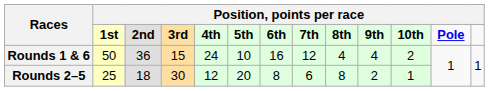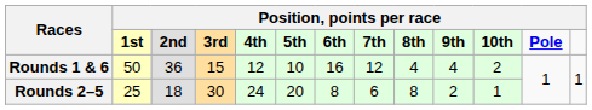 <table class="wikitable" style="font-size: 85%; text-align:center">
 <tr>
 <th rowspan=2>Races</th>
 <th colspan=12>Position, points per race</th>
 </tr>
 <tr>
 <td style="background:#FFFFBF"> <strong>1st</strong> </td>
 <td style="background:#DFDFDF"> <strong>2nd</strong> </td>
 <td style="background:#FFDF9F"> <strong>3rd</strong> </td>
 <td style="background:#DFFFDF"> <strong>4th</strong> </td>
 <td style="background:#DFFFDF"> <strong>5th</strong> </td>
 <td style="background:#DFFFDF"> <strong>6th</strong> </td>
 <td style="background:#DFFFDF"> <strong>7th</strong> </td>
 <td style="background:#DFFFDF"> <strong>8th</strong> </td>
 <td style="background:#DFFFDF"> <strong>9th</strong> </td>
 <td style="background:#DFFFDF"> <strong>10th</strong> </td>
 <td> <strong><a href='#'>Pole</a></strong> </td>
 <td> <strong></strong> </td>
 </tr>
 <tr>
 <th>Rounds 1 & 6</th>
 <td style="background:#FFFFBF">50</td>
 <td style="background:#DFDFDF">36</td>
 <td style="background:#FFDF9F">15</td>
-<td style="background:#DFFFDF">24</td>
+<td style="background:#DFFFDF">12</td>
 <td style="background:#DFFFDF">10</td>
 <td style="background:#DFFFDF">16</td>
 <td style="background:#DFFFDF">12</td>
 <td style="background:#DFFFDF">4</td>
 <td style="background:#DFFFDF">4</td>
 <td style="background:#DFFFDF">2</td>
 <td rowspan=2>1</td>
 <td rowspan=2>1</td>
 </tr>
 <tr>
 <th>Rounds 2–5</th>
 <td style="background:#FFFFBF">25</td>
 <td style="background:#DFDFDF">18</td>
 <td style="background:#FFDF9F">30</td>
-<td style="background:#DFFFDF">12</td>
+<td style="background:#DFFFDF">24</td>
 <td style="background:#DFFFDF">20</td>
 <td style="background:#DFFFDF">8</td>
 <td style="background:#DFFFDF">6</td>
 <td style="background:#DFFFDF">8</td>
 <td style="background:#DFFFDF">2</td>
 <td style="background:#DFFFDF">1</td>
 </tr>
 </table>
